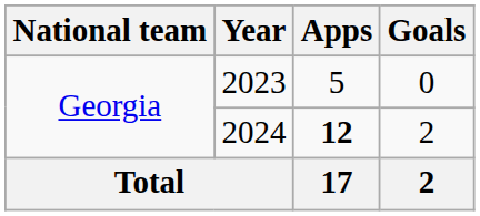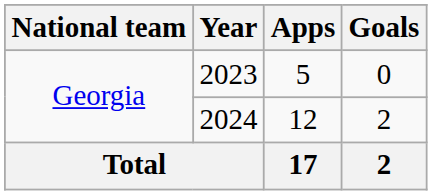 <table class="wikitable" style="text-align:center">
 <tr>
 <th>National team</th>
 <th>Year</th>
 <th>Apps</th>
 <th>Goals</th>
 </tr>
 <tr>
 <td rowspan="2"><a href='#'>Georgia</a></td>
 <td>2023</td>
 <td>5</td>
 <td>0</td>
 </tr>
 <tr>
 <td>2024</td>
-<td><strong>12</strong></td>
+<td>12</td>
 <td>2</td>
 </tr>
 <tr>
 <th colspan="2">Total</th>
 <th>17</th>
 <th>2</th>
 </tr>
 </table>
